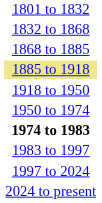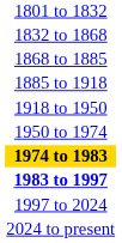 <table id=toc style="float:right; margin-left:1em">
 <tr>
 <td style="text-align:center"><a href='#'>1801 to 1832</a></td>
 </tr>
 <tr>
 <td style="text-align:center"><a href='#'>1832 to 1868</a></td>
 </tr>
 <tr>
 <td style="text-align:center"><a href='#'>1868 to 1885</a></td>
 </tr>
 <tr>
-<td style="background: khaki; text-align:center"><a href='#'>1885 to 1918</a></td>
+<td style="text-align:center"><a href='#'>1885 to 1918</a></td>
 </tr>
 <tr>
 <td style="text-align:center"><a href='#'>1918 to 1950</a></td>
 </tr>
 <tr>
 <td style="text-align:center"><a href='#'>1950 to 1974</a></td>
 </tr>
 <tr>
-<td style="text-align:center"><strong>1974 to 1983</strong></td>
+<td style="background: gold; text-align:center"><strong>1974 to 1983</strong></td>
 </tr>
 <tr>
-<td style="text-align:center"><a href='#'>1983 to 1997</a></td>
+<td style="text-align:center"><strong><a href='#'>1983 to 1997</a></strong></td>
 </tr>
 <tr>
 <td style="text-align:center;"><a href='#'>1997 to 2024</a></td>
 </tr>
 <tr>
 <td style="text-align:center"><a href='#'>2024 to present</a></td>
 </tr>
 </table>
